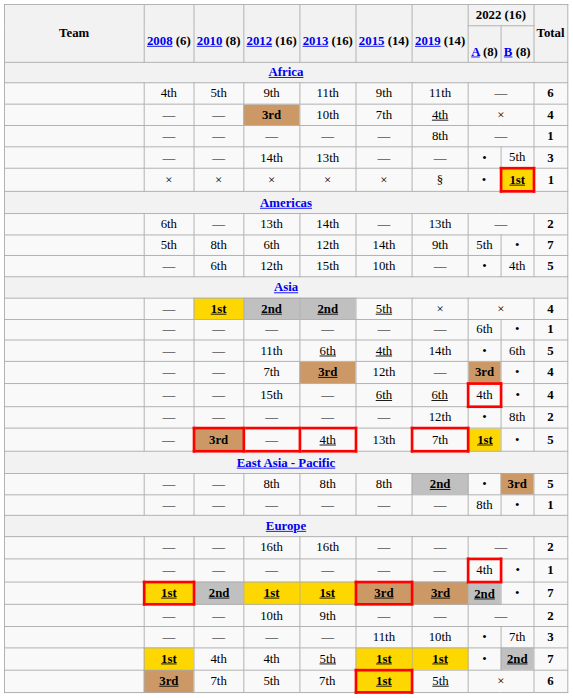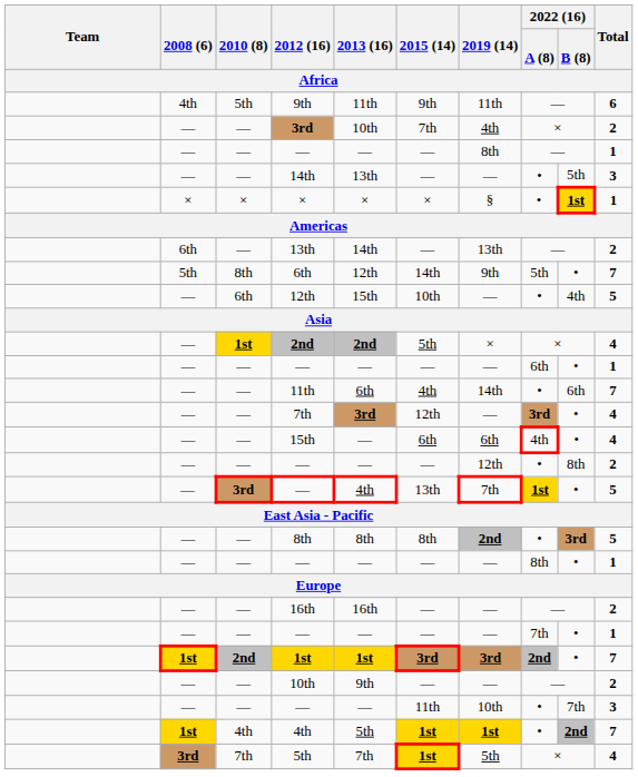 <table class="wikitable" style="text-align:center; font-size:90%">
 <tr>
 <th rowspan=2 width=150>Team</th>
 <th rowspan=2><br><a href='#'>2008</a> (6)</th>
 <th rowspan=2><br><a href='#'>2010</a> (8)</th>
 <th rowspan=2><br><a href='#'>2012</a> (16)</th>
 <th rowspan=2><br><a href='#'>2013</a> (16)</th>
 <th rowspan=2><br><a href='#'>2015</a> (14)</th>
 <th rowspan=2><br><a href='#'>2019</a> (14)</th>
 <th colspan=2>2022 (16)</th>
 <th rowspan=2>Total</th>
 </tr>
 <tr>
 <th><br><a href='#'>A</a> (8)</th>
 <th><br><a href='#'>B</a> (8)</th>
 </tr>
 <tr>
 <th colspan="10"><a href='#'>Africa</a></th>
 </tr>
 <tr>
 <td align="left"></td>
 <td>4th</td>
 <td>5th</td>
 <td>9th</td>
 <td>11th</td>
 <td>9th</td>
 <td>11th</td>
 <td colspan="2">—</td>
 <td><strong>6</strong></td>
 </tr>
 <tr>
 <td align="left"></td>
 <td>—</td>
 <td>—</td>
 <td bgcolor="#cc9966"><strong>3rd</strong></td>
 <td>10th</td>
 <td>7th</td>
 <td><u>4th</u></td>
 <td colspan="2">×</td>
-<td><strong>4</strong></td>
+<td><strong>2</strong></td>
 </tr>
 <tr>
 <td align="left"></td>
 <td>—</td>
 <td>—</td>
 <td>—</td>
 <td>—</td>
 <td>—</td>
 <td>8th</td>
 <td colspan="2">—</td>
 <td><strong>1</strong></td>
 </tr>
 <tr>
 <td align="left"></td>
 <td>—</td>
 <td>—</td>
 <td>14th</td>
 <td>13th</td>
 <td>—</td>
 <td>—</td>
 <td>•</td>
 <td>5th</td>
 <td><strong>3</strong></td>
 </tr>
 <tr>
 <td align="left"></td>
 <td>×</td>
 <td>×</td>
 <td>×</td>
 <td>×</td>
 <td>×</td>
 <td>§</td>
 <td>•</td>
 <td style="border: 3px solid red" bgcolor="Gold"><u><strong>1st</strong></u></td>
 <td><strong>1</strong></td>
 </tr>
 <tr>
 <th colspan="10"><a href='#'>Americas</a></th>
 </tr>
 <tr>
 <td align="left"></td>
 <td>6th</td>
 <td>—</td>
 <td>13th</td>
 <td>14th</td>
 <td>—</td>
 <td>13th</td>
 <td colspan="2">—</td>
 <td><strong>2</strong></td>
 </tr>
 <tr>
 <td align="left"></td>
 <td>5th</td>
 <td>8th</td>
 <td>6th</td>
 <td>12th</td>
 <td>14th</td>
 <td>9th</td>
 <td>5th</td>
 <td>•</td>
 <td><strong>7</strong></td>
 </tr>
 <tr>
 <td align="left"></td>
 <td>—</td>
 <td>6th</td>
 <td>12th</td>
 <td>15th</td>
 <td>10th</td>
 <td>—</td>
 <td>•</td>
 <td>4th</td>
 <td><strong>5</strong></td>
 </tr>
 <tr>
 <th colspan="10"><a href='#'>Asia</a></th>
 </tr>
 <tr>
 <td align="left"></td>
 <td>—</td>
 <td bgcolor=gold><u><strong>1st</strong></u></td>
 <td bgcolor=silver><u><strong>2nd</strong></u></td>
 <td bgcolor=silver><u><strong>2nd</strong></u></td>
 <td><u>5th</u></td>
 <td>×</td>
 <td colspan=2>×</td>
 <td><strong>4</strong></td>
 </tr>
 <tr>
 <td align="left"></td>
 <td>—</td>
 <td>—</td>
 <td>—</td>
 <td>—</td>
 <td>—</td>
 <td>—</td>
 <td>6th</td>
 <td>•</td>
 <td><strong>1</strong></td>
 </tr>
 <tr>
 <td align="left"></td>
 <td>—</td>
 <td>—</td>
 <td>11th</td>
 <td><u>6th</u></td>
 <td><u>4th</u></td>
 <td>14th</td>
 <td>•</td>
 <td>6th</td>
-<td><strong>5</strong></td>
+<td><strong>7</strong></td>
 </tr>
 <tr>
 <td align="left"></td>
 <td>—</td>
 <td>—</td>
 <td>7th</td>
 <td bgcolor="#cc9966"><u><strong>3rd</strong></u></td>
 <td>12th</td>
 <td>—</td>
 <td bgcolor="#c96"><strong>3rd</strong></td>
 <td>•</td>
 <td><strong>4</strong></td>
 </tr>
 <tr>
 <td align="left"></td>
 <td>—</td>
 <td>—</td>
 <td>15th</td>
 <td>—</td>
 <td><u>6th</u></td>
 <td><u>6th</u></td>
 <td style="border: 3px solid red">4th</td>
 <td>•</td>
 <td><strong>4</strong></td>
 </tr>
 <tr>
 <td align="left"></td>
 <td>—</td>
 <td>—</td>
 <td>—</td>
 <td>—</td>
 <td>—</td>
 <td>12th</td>
 <td>•</td>
 <td>8th</td>
 <td><strong>2</strong></td>
 </tr>
 <tr>
 <td align="left"></td>
 <td>—</td>
 <td style="border: 3px solid red" bgcolor="#cc9966"><strong>3rd</strong></td>
 <td style="border: 3px solid red">—</td>
 <td style="border: 3px solid red"><u>4th</u></td>
 <td>13th</td>
 <td style="border: 3px solid red">7th</td>
 <td bgcolor="gold"><u><strong>1st</strong></u></td>
 <td>•</td>
 <td><strong>5</strong></td>
 </tr>
 <tr>
 <th colspan="10"><a href='#'>East Asia - Pacific</a></th>
 </tr>
 <tr>
 <td align="left"></td>
 <td>—</td>
 <td>—</td>
 <td>8th</td>
 <td>8th</td>
 <td>8th</td>
 <td bgcolor="silver"><u><strong>2nd</strong></u></td>
 <td>•</td>
 <td bgcolor="#c96"><strong>3rd</strong></td>
 <td><strong>5</strong></td>
 </tr>
 <tr>
 <td align="left"></td>
 <td>—</td>
 <td>—</td>
 <td>—</td>
 <td>—</td>
 <td>—</td>
 <td>—</td>
 <td>8th</td>
 <td>•</td>
 <td><strong>1</strong></td>
 </tr>
 <tr>
 <th colspan="10"><a href='#'>Europe</a></th>
 </tr>
 <tr>
 <td align="left"></td>
 <td>—</td>
 <td>—</td>
 <td>16th</td>
 <td>16th</td>
 <td>—</td>
 <td>—</td>
 <td colspan="2">—</td>
 <td><strong>2</strong></td>
 </tr>
 <tr>
 <td align="left"></td>
 <td>—</td>
 <td>—</td>
 <td>—</td>
 <td>—</td>
 <td>—</td>
 <td>—</td>
-<td style="border: 3px solid red">4th</td>
+<td>7th</td>
 <td>•</td>
 <td><strong>1</strong></td>
 </tr>
 <tr>
 <td align="left"></td>
 <td style="border: 3px solid red" bgcolor=gold><u><strong>1st</strong></u></td>
 <td bgcolor=silver><u><strong>2nd</strong></u></td>
 <td bgcolor=gold><u><strong>1st</strong></u></td>
 <td bgcolor=gold><u><strong>1st</strong></u></td>
 <td style="border: 3px solid red" bgcolor=#cc9966><u><strong>3rd</strong></u></td>
 <td bgcolor=#cc9966><u><strong>3rd</strong></u></td>
 <td bgcolor=silver><u><strong>2nd</strong></u></td>
 <td>•</td>
 <td><strong>7</strong></td>
 </tr>
 <tr>
 <td align="left"></td>
 <td>—</td>
 <td>—</td>
 <td>10th</td>
 <td>9th</td>
 <td>—</td>
 <td>—</td>
 <td colspan=2>—</td>
 <td><strong>2</strong></td>
 </tr>
 <tr>
 <td align="left"></td>
 <td>—</td>
 <td>—</td>
 <td>—</td>
 <td>—</td>
 <td>11th</td>
 <td>10th</td>
 <td>•</td>
 <td>7th</td>
 <td><strong>3</strong></td>
 </tr>
 <tr>
 <td align="left"></td>
 <td bgcolor=gold><u><strong>1st</strong></u></td>
 <td>4th</td>
 <td>4th</td>
 <td><u>5th</u></td>
 <td bgcolor=gold><u><strong>1st</strong></u></td>
 <td bgcolor=gold><u><strong>1st</strong></u></td>
 <td>•</td>
 <td bgcolor=silver><u><strong>2nd</strong></u></td>
 <td><strong>7</strong></td>
 </tr>
 <tr>
 <td align="left"></td>
 <td bgcolor=#cc9966><u><strong>3rd</strong></u></td>
 <td>7th</td>
 <td>5th</td>
 <td>7th</td>
 <td style="border: 3px solid red" bgcolor=gold><u><strong>1st</strong></u></td>
 <td><u>5th</u></td>
 <td colspan=2>×</td>
-<td><strong>6</strong></td>
+<td><strong>4</strong></td>
 </tr>
 </table>
